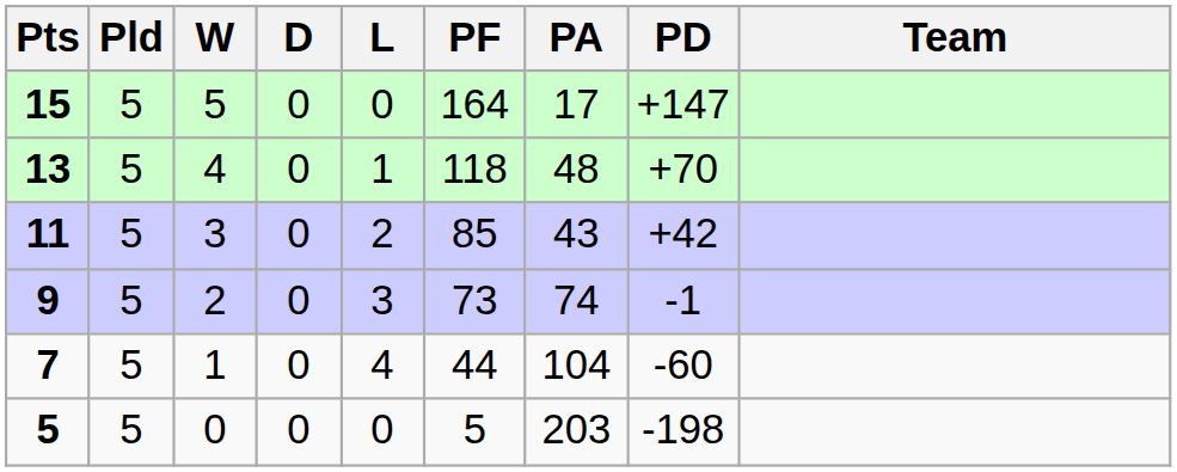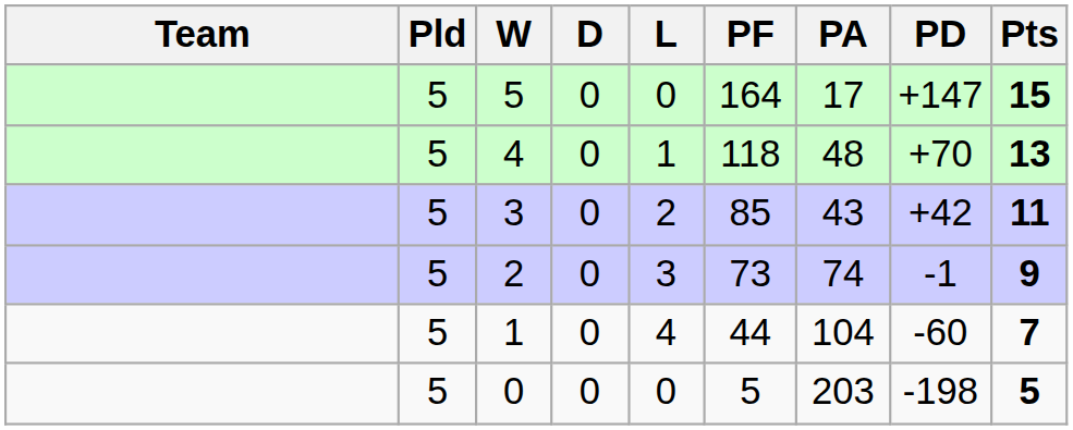 <table class="wikitable" style="text-align:center;">
 <tr>
-<th width="25" abbr="Points">Pts</th>
+<th width="160">Team</th>
 <th width="25" abbr="Played">Pld</th>
 <th width="25" abbr="Won">W</th>
 <th width="25" abbr="Drawn">D</th>
 <th width="25" abbr="Lost">L</th>
 <th width="32" abbr="Points for">PF</th>
 <th width="32" abbr="Points against">PA</th>
 <th width="32" abbr="Points difference">PD</th>
-<th width="160">Team</th>
+<th width="25" abbr="Points">Pts</th>
 </tr>
 <tr bgcolor="ccffcc">
-<td><strong>15</strong></td>
+<td align="left"></td>
 <td>5</td>
 <td>5</td>
 <td>0</td>
 <td>0</td>
 <td>164</td>
 <td>17</td>
 <td>+147</td>
-<td align="left"></td>
+<td><strong>15</strong></td>
 </tr>
 <tr bgcolor="ccffcc">
-<td><strong>13</strong></td>
+<td align="left"></td>
 <td>5</td>
 <td>4</td>
 <td>0</td>
 <td>1</td>
 <td>118</td>
 <td>48</td>
 <td>+70</td>
-<td align="left"></td>
+<td><strong>13</strong></td>
 </tr>
 <tr bgcolor="ccccff">
-<td><strong>11</strong></td>
+<td align="left"></td>
 <td>5</td>
 <td>3</td>
 <td>0</td>
 <td>2</td>
 <td>85</td>
 <td>43</td>
 <td>+42</td>
-<td align="left"></td>
+<td><strong>11</strong></td>
 </tr>
 <tr bgcolor="ccccff">
-<td><strong>9</strong></td>
+<td align="left"></td>
 <td>5</td>
 <td>2</td>
 <td>0</td>
 <td>3</td>
 <td>73</td>
 <td>74</td>
 <td>-1</td>
-<td align="left"></td>
+<td><strong>9</strong></td>
 </tr>
 <tr>
-<td><strong>7</strong></td>
+<td align="left"></td>
 <td>5</td>
 <td>1</td>
 <td>0</td>
 <td>4</td>
 <td>44</td>
 <td>104</td>
 <td>-60</td>
-<td align="left"></td>
+<td><strong>7</strong></td>
 </tr>
 <tr>
-<td><strong>5</strong></td>
+<td align="left"></td>
 <td>5</td>
 <td>0</td>
 <td>0</td>
 <td>0</td>
 <td>5</td>
 <td>203</td>
 <td>-198</td>
-<td align="left"></td>
+<td><strong>5</strong></td>
 </tr>
 </table>
